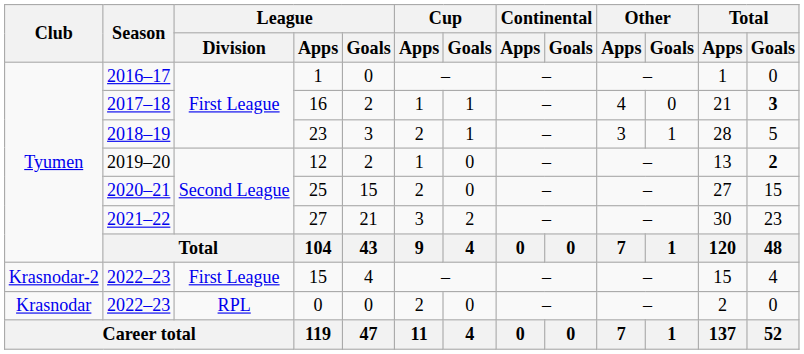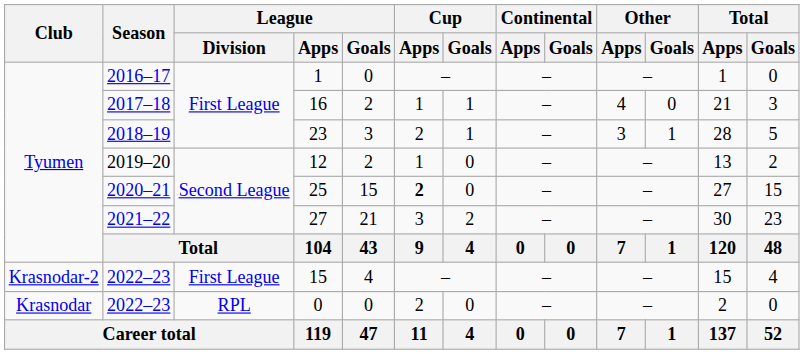 <table class="wikitable" style="text-align: center;">
 <tr>
 <th rowspan=2>Club</th>
 <th rowspan=2>Season</th>
 <th colspan=3>League</th>
 <th colspan=2>Cup</th>
 <th colspan=2>Continental</th>
 <th colspan=2>Other</th>
 <th colspan=2>Total</th>
 </tr>
 <tr>
 <th>Division</th>
 <th>Apps</th>
 <th>Goals</th>
 <th>Apps</th>
 <th>Goals</th>
 <th>Apps</th>
 <th>Goals</th>
 <th>Apps</th>
 <th>Goals</th>
 <th>Apps</th>
 <th>Goals</th>
 </tr>
 <tr>
 <td rowspan=7><a href='#'>Tyumen</a></td>
 <td><a href='#'>2016–17</a></td>
 <td rowspan=3><a href='#'>First League</a></td>
 <td>1</td>
 <td>0</td>
 <td colspan=2>–</td>
 <td colspan=2>–</td>
 <td colspan=2>–</td>
 <td>1</td>
 <td>0</td>
 </tr>
 <tr>
 <td><a href='#'>2017–18</a></td>
 <td>16</td>
 <td>2</td>
 <td>1</td>
 <td>1</td>
 <td colspan=2>–</td>
 <td>4</td>
 <td>0</td>
 <td>21</td>
-<td><strong>3</strong></td>
+<td>3</td>
 </tr>
 <tr>
 <td><a href='#'>2018–19</a></td>
 <td>23</td>
 <td>3</td>
 <td>2</td>
 <td>1</td>
 <td colspan=2>–</td>
 <td>3</td>
 <td>1</td>
 <td>28</td>
 <td>5</td>
 </tr>
 <tr>
 <td>2019–20</td>
 <td rowspan=3><a href='#'>Second League</a></td>
 <td>12</td>
 <td>2</td>
 <td>1</td>
 <td>0</td>
 <td colspan=2>–</td>
 <td colspan=2>–</td>
 <td>13</td>
-<td><strong>2</strong></td>
+<td>2</td>
 </tr>
 <tr>
 <td><a href='#'>2020–21</a></td>
 <td>25</td>
 <td>15</td>
-<td>2</td>
+<td><strong>2</strong></td>
 <td>0</td>
 <td colspan=2>–</td>
 <td colspan=2>–</td>
 <td>27</td>
 <td>15</td>
 </tr>
 <tr>
 <td><a href='#'>2021–22</a></td>
 <td>27</td>
 <td>21</td>
 <td>3</td>
 <td>2</td>
 <td colspan=2>–</td>
 <td colspan=2>–</td>
 <td>30</td>
 <td>23</td>
 </tr>
 <tr>
 <th colspan=2>Total</th>
 <th>104</th>
 <th>43</th>
 <th>9</th>
 <th>4</th>
 <th>0</th>
 <th>0</th>
 <th>7</th>
 <th>1</th>
 <th>120</th>
 <th>48</th>
 </tr>
 <tr>
 <td><a href='#'>Krasnodar-2</a></td>
 <td><a href='#'>2022–23</a></td>
 <td><a href='#'>First League</a></td>
 <td>15</td>
 <td>4</td>
 <td colspan=2>–</td>
 <td colspan=2>–</td>
 <td colspan=2>–</td>
 <td>15</td>
 <td>4</td>
 </tr>
 <tr>
 <td><a href='#'>Krasnodar</a></td>
 <td><a href='#'>2022–23</a></td>
 <td><a href='#'>RPL</a></td>
 <td>0</td>
 <td>0</td>
 <td>2</td>
 <td>0</td>
 <td colspan=2>–</td>
 <td colspan=2>–</td>
 <td>2</td>
 <td>0</td>
 </tr>
 <tr>
 <th colspan=3>Career total</th>
 <th>119</th>
 <th>47</th>
 <th>11</th>
 <th>4</th>
 <th>0</th>
 <th>0</th>
 <th>7</th>
 <th>1</th>
 <th>137</th>
 <th>52</th>
 </tr>
 </table>
